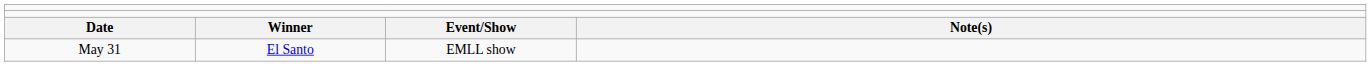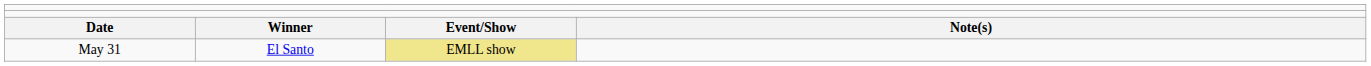 <table class="wikitable" style="text-align:center; width:100%;">
 <tr>
 <td colspan="5"></td>
 </tr>
 <tr>
 <td colspan="5"><strong></strong></td>
 </tr>
 <tr>
 <th width=14%>Date</th>
 <th width=14%>Winner</th>
 <th width=14%>Event/Show</th>
 <th width=58%>Note(s)</th>
 </tr>
 <tr>
 <td>May 31</td>
 <td><a href='#'>El Santo</a></td>
-<td>EMLL show</td>
+<td style="background: khaki;">EMLL show</td>
 <td align=left></td>
 </tr>
 </table>
